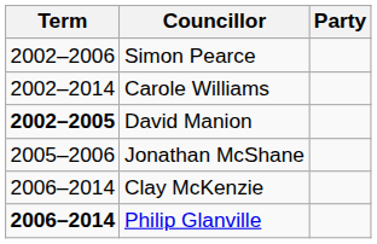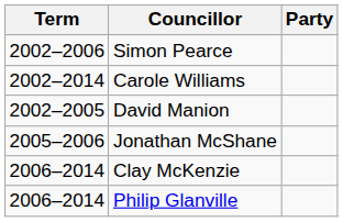 <table class="wikitable">
 <tr>
 <th>Term</th>
 <th>Councillor</th>
 <th colspan=2>Party</th>
 </tr>
 <tr>
 <td>2002–2006</td>
 <td>Simon Pearce</td>
 <td></td>
 </tr>
 <tr>
 <td>2002–2014</td>
 <td>Carole Williams</td>
 <td></td>
 </tr>
 <tr>
-<td><strong>2002–2005</strong></td>
+<td>2002–2005</td>
 <td>David Manion</td>
 <td></td>
 </tr>
 <tr>
 <td>2005–2006</td>
 <td>Jonathan McShane</td>
 <td></td>
 </tr>
 <tr>
 <td>2006–2014</td>
 <td>Clay McKenzie</td>
 <td></td>
 </tr>
 <tr>
-<td><strong>2006–2014</strong></td>
+<td>2006–2014</td>
 <td><a href='#'>Philip Glanville</a></td>
 <td></td>
 </tr>
 </table>
